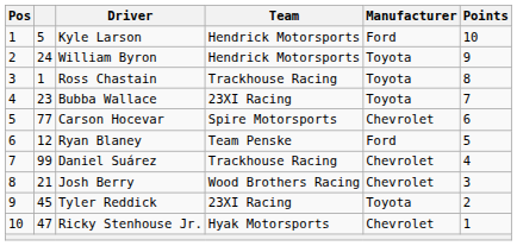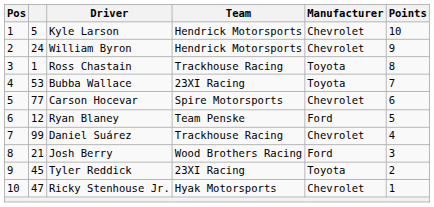 <table class="wikitable" style="font-size:98%">
 <tr>
 <th>Pos</th>
 <th></th>
 <th>Driver</th>
 <th>Team</th>
 <th>Manufacturer</th>
 <th>Points</th>
 </tr>
 <tr>
 <td>1</td>
 <td>5</td>
 <td>Kyle Larson</td>
 <td>Hendrick Motorsports</td>
-<td>Ford</td>
+<td>Chevrolet</td>
 <td>10</td>
 </tr>
 <tr>
 <td>2</td>
 <td>24</td>
 <td>William Byron</td>
 <td>Hendrick Motorsports</td>
-<td>Toyota</td>
+<td>Chevrolet</td>
 <td>9</td>
 </tr>
 <tr>
 <td>3</td>
 <td>1</td>
 <td>Ross Chastain</td>
 <td>Trackhouse Racing</td>
 <td>Toyota</td>
 <td>8</td>
 </tr>
 <tr>
 <td>4</td>
-<td>23</td>
+<td>53</td>
 <td>Bubba Wallace</td>
 <td>23XI Racing</td>
 <td>Toyota</td>
 <td>7</td>
 </tr>
 <tr>
 <td>5</td>
 <td>77</td>
 <td>Carson Hocevar</td>
 <td>Spire Motorsports</td>
 <td>Chevrolet</td>
 <td>6</td>
 </tr>
 <tr>
 <td>6</td>
 <td>12</td>
 <td>Ryan Blaney</td>
 <td>Team Penske</td>
 <td>Ford</td>
 <td>5</td>
 </tr>
 <tr>
 <td>7</td>
 <td>99</td>
 <td>Daniel Suárez</td>
 <td>Trackhouse Racing</td>
 <td>Chevrolet</td>
 <td>4</td>
 </tr>
 <tr>
 <td>8</td>
 <td>21</td>
 <td>Josh Berry</td>
 <td>Wood Brothers Racing</td>
-<td>Chevrolet</td>
+<td>Ford</td>
 <td>3</td>
 </tr>
 <tr>
 <td>9</td>
 <td>45</td>
 <td>Tyler Reddick</td>
 <td>23XI Racing</td>
 <td>Toyota</td>
 <td>2</td>
 </tr>
 <tr>
 <td>10</td>
 <td>47</td>
 <td>Ricky Stenhouse Jr.</td>
 <td>Hyak Motorsports</td>
 <td>Chevrolet</td>
 <td>1</td>
 </tr>
 <tr>
 <th colspan="6"></th>
 </tr>
 </table>
